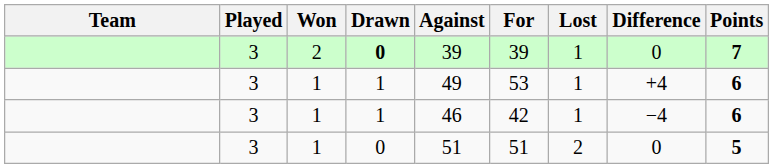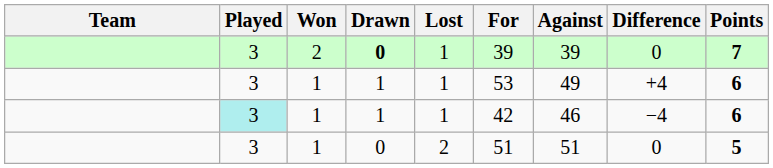 <table class="wikitable">
 <tr>
 <th width=165>Team</th>
 <th width=40>Played</th>
 <th width=40>Won</th>
 <th width=40>Drawn</th>
+<th width=40>Lost</th>
+<th width=40>For</th>
 <th width=40>Against</th>
-<th width=40>For</th>
-<th width=40>Lost</th>
 <th width=40>Difference</th>
 <th width=40>Points</th>
 </tr>
 <tr bgcolor=#ccffcc align=center>
 <td align=left></td>
 <td>3</td>
 <td>2</td>
 <td><strong>0</strong></td>
+<td>1</td>
 <td>39</td>
 <td>39</td>
-<td>1</td>
 <td>0</td>
 <td><strong>7</strong></td>
 </tr>
 <tr align=center>
 <td align=left></td>
 <td>3</td>
 <td>1</td>
 <td>1</td>
+<td>1</td>
+<td>53</td>
 <td>49</td>
-<td>53</td>
-<td>1</td>
 <td>+4</td>
 <td><strong>6</strong></td>
 </tr>
 <tr align=center>
 <td align=left></td>
-<td>3</td>
+<td style="background: paleturquoise;">3</td>
 <td>1</td>
 <td>1</td>
+<td>1</td>
+<td>42</td>
 <td>46</td>
-<td>42</td>
-<td>1</td>
 <td>−4</td>
 <td><strong>6</strong></td>
 </tr>
 <tr align=center>
 <td align=left></td>
 <td>3</td>
 <td>1</td>
 <td>0</td>
+<td>2</td>
 <td>51</td>
 <td>51</td>
-<td>2</td>
 <td>0</td>
 <td><strong>5</strong></td>
 </tr>
 </table>
